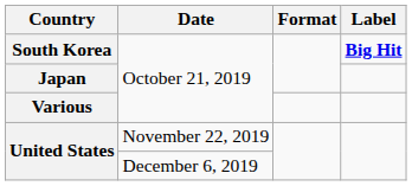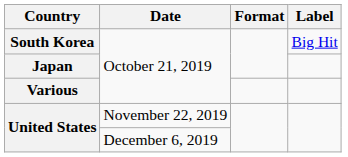 <table class="wikitable plainrowheaders">
 <tr>
 <th>Country</th>
 <th>Date</th>
 <th>Format</th>
 <th>Label</th>
 </tr>
 <tr>
 <th scope="row">South Korea</th>
 <td rowspan="3">October 21, 2019</td>
 <td rowspan="2"></td>
-<td><strong><a href='#'>Big Hit</a></strong></td>
+<td><a href='#'>Big Hit</a></td>
 </tr>
 <tr>
 <th scope="row">Japan</th>
 <td></td>
 </tr>
 <tr>
 <th scope="row">Various</th>
 <td></td>
 <td></td>
 </tr>
 <tr>
 <th scope="row" rowspan="2">United States</th>
 <td>November 22, 2019</td>
 <td rowspan="2"></td>
 <td rowspan="2"></td>
 </tr>
 <tr>
 <td>December 6, 2019</td>
 </tr>
 </table>
